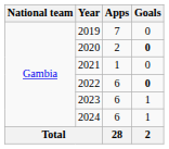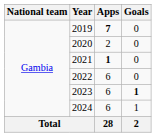 <table class=wikitable style=text-align:center>
 <tr>
 <th>National team</th>
 <th>Year</th>
 <th>Apps</th>
 <th>Goals</th>
 </tr>
 <tr>
 <td rowspan="6"><a href='#'>Gambia</a></td>
 <td>2019</td>
-<td>7</td>
+<td><strong>7</strong></td>
 <td>0</td>
 </tr>
 <tr>
 <td>2020</td>
 <td>2</td>
-<td><strong>0</strong></td>
+<td>0</td>
 </tr>
 <tr>
 <td>2021</td>
-<td>1</td>
+<td><strong>1</strong></td>
 <td>0</td>
 </tr>
 <tr>
 <td>2022</td>
 <td>6</td>
-<td><strong>0</strong></td>
+<td>0</td>
 </tr>
 <tr>
 <td>2023</td>
 <td>6</td>
-<td>1</td>
+<td><strong>1</strong></td>
 </tr>
 <tr>
 <td>2024</td>
 <td>6</td>
 <td>1</td>
 </tr>
 <tr>
 <th colspan="2">Total</th>
 <th>28</th>
 <th>2</th>
 </tr>
 </table>
